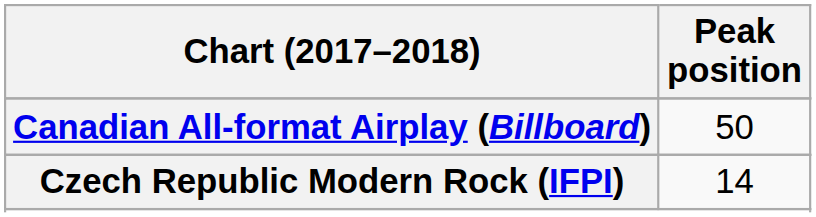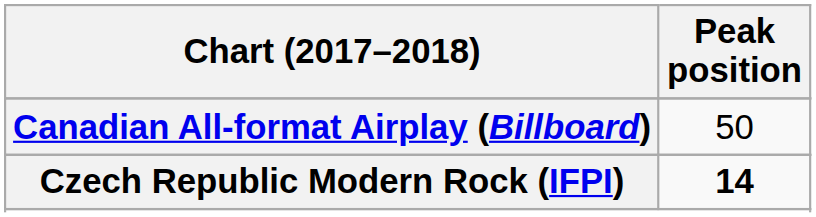 <table class="wikitable sortable plainrowheaders" style="text-align:center">
 <tr>
 <th scope="col">Chart (2017–2018)</th>
 <th scope="col">Peak<br> position</th>
 </tr>
 <tr>
 </tr>
 <tr>
 <th scope="row"><a href='#'>Canadian All-format Airplay</a> (<em><a href='#'>Billboard</a></em>)</th>
 <td>50</td>
 </tr>
 <tr>
 </tr>
 <tr>
 <th scope="row">Czech Republic Modern Rock (<a href='#'>IFPI</a>)</th>
-<td>14</td>
+<td><strong>14</strong></td>
 </tr>
 <tr>
 </tr>
 <tr>
 </tr>
 <tr>
 </tr>
 </table>
